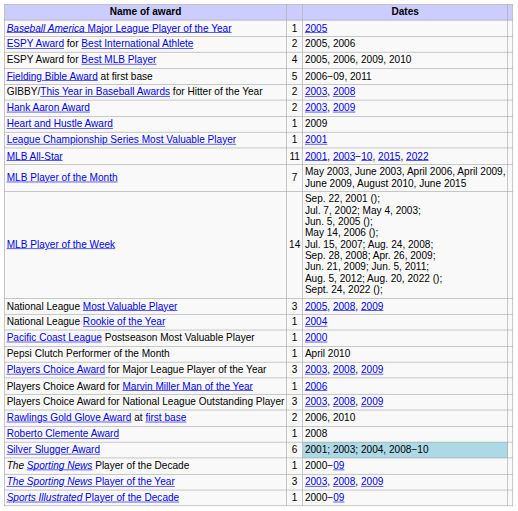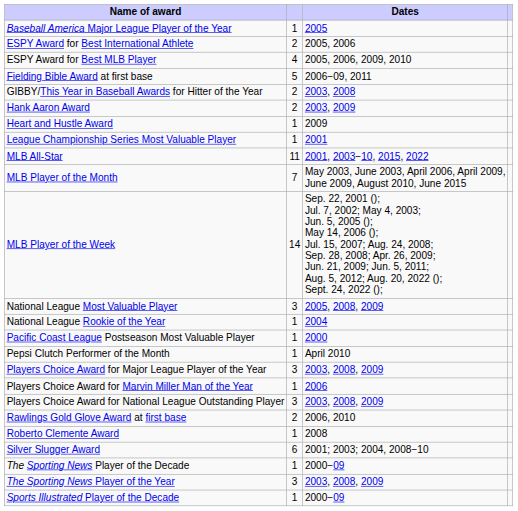 <table class="wikitable">
 <tr>
 <th style="background:#ccf;">Name of award</th>
 <th style="background:#ccf;"></th>
 <th style="background:#ccf;">Dates</th>
 <th style="background:#ccf;"></th>
 </tr>
 <tr>
 <td><a href='#'><em>Baseball America</em> Major League Player of the Year</a></td>
 <td style="text-align:center;">1</td>
 <td><a href='#'>2005</a></td>
 <td></td>
 </tr>
 <tr>
 <td><a href='#'>ESPY Award</a> for <a href='#'>Best International Athlete</a></td>
 <td style="text-align:center;">2</td>
 <td>2005, 2006</td>
 <td></td>
 </tr>
 <tr>
 <td>ESPY Award for <a href='#'>Best MLB Player</a></td>
 <td style="text-align:center;">4</td>
 <td>2005, 2006, 2009, 2010</td>
 <td></td>
 </tr>
 <tr>
 <td><a href='#'>Fielding Bible Award</a> at first base</td>
 <td style="text-align:center;">5</td>
 <td>2006−09, 2011</td>
 <td></td>
 </tr>
 <tr>
 <td>GIBBY/<a href='#'>This Year in Baseball Awards</a> for Hitter of the Year</td>
 <td style="text-align:center;">2</td>
 <td><a href='#'>2003</a>, <a href='#'>2008</a></td>
 <td></td>
 </tr>
 <tr>
 <td><a href='#'>Hank Aaron Award</a></td>
 <td style="text-align:center;">2</td>
 <td><a href='#'>2003</a>, <a href='#'>2009</a></td>
 <td></td>
 </tr>
 <tr>
 <td><a href='#'>Heart and Hustle Award</a></td>
 <td style="text-align:center;">1</td>
 <td>2009</td>
 <td></td>
 </tr>
 <tr>
 <td><a href='#'>League Championship Series Most Valuable Player</a></td>
 <td style="text-align:center;">1</td>
 <td><a href='#'>2001</a></td>
 <td></td>
 </tr>
 <tr>
 <td><a href='#'>MLB All-Star</a></td>
 <td style="text-align:center;">11</td>
 <td><a href='#'>2001</a>, <a href='#'>2003</a>−<a href='#'>10</a>, <a href='#'>2015</a>, <a href='#'>2022</a></td>
 <td><br></td>
 </tr>
 <tr>
 <td><a href='#'>MLB Player of the Month</a></td>
 <td style="text-align:center;">7</td>
 <td>May 2003, June 2003, April 2006, April 2009,<br> June 2009, August 2010, June 2015</td>
 <td><br></td>
 </tr>
 <tr>
 <td><a href='#'>MLB Player of the Week</a></td>
 <td style="text-align:center;">14</td>
 <td>Sep. 22, 2001 ();<br> Jul. 7, 2002; May 4, 2003;<br>Jun. 5, 2005 ();<br> May 14, 2006 ();<br> Jul. 15, 2007; Aug. 24, 2008;<br> Sep. 28, 2008; Apr. 26, 2009;<br> Jun. 21, 2009; Jun. 5, 2011;<br> Aug. 5, 2012; Aug. 20, 2022 ();<br> Sept. 24, 2022 ();<br></td>
 <td><br><br></td>
 </tr>
 <tr>
 <td>National League <a href='#'>Most Valuable Player</a></td>
 <td style="text-align:center;">3</td>
 <td><a href='#'>2005</a>, <a href='#'>2008</a>, <a href='#'>2009</a></td>
 <td></td>
 </tr>
 <tr>
 <td>National League <a href='#'>Rookie of the Year</a></td>
 <td style="text-align:center;">1</td>
 <td><a href='#'>2004</a></td>
 <td></td>
 </tr>
 <tr>
 <td><a href='#'>Pacific Coast League</a> Postseason Most Valuable Player</td>
 <td style="text-align:center;">1</td>
 <td><a href='#'>2000</a></td>
 <td></td>
 </tr>
 <tr>
 <td>Pepsi Clutch Performer of the Month</td>
 <td style="text-align:center;">1</td>
 <td>April 2010</td>
 <td></td>
 </tr>
 <tr>
 <td><a href='#'>Players Choice Award</a> for Major League Player of the Year</td>
 <td style="text-align:center;">3</td>
 <td><a href='#'>2003</a>, <a href='#'>2008</a>, <a href='#'>2009</a></td>
 <td></td>
 </tr>
 <tr>
 <td>Players Choice Award for <a href='#'>Marvin Miller Man of the Year</a></td>
 <td style="text-align:center;">1</td>
 <td><a href='#'>2006</a></td>
 <td></td>
 </tr>
 <tr>
 <td>Players Choice Award for National League Outstanding Player</td>
 <td style="text-align:center;">3</td>
 <td><a href='#'>2003</a>, <a href='#'>2008</a>, <a href='#'>2009</a></td>
 <td></td>
 </tr>
 <tr>
 <td><a href='#'>Rawlings Gold Glove Award</a> at <a href='#'>first base</a></td>
 <td style="text-align:center;">2</td>
 <td>2006, 2010</td>
 <td></td>
 </tr>
 <tr>
 <td><a href='#'>Roberto Clemente Award</a></td>
 <td style="text-align:center;">1</td>
 <td>2008</td>
 <td></td>
 </tr>
 <tr>
 <td><a href='#'>Silver Slugger Award</a></td>
 <td style="text-align:center;">6</td>
-<td style="background: lightblue;"> 2001;  2003;  2004, 2008−10</td>
+<td> 2001;  2003;  2004, 2008−10</td>
 <td></td>
 </tr>
 <tr>
 <td><em>The <a href='#'>Sporting News</a></em> Player of the Decade</td>
 <td style="text-align:center;">1</td>
 <td>2000−<a href='#'>09</a></td>
 <td></td>
 </tr>
 <tr>
 <td><a href='#'><em>The Sporting News</em> Player of the Year</a></td>
 <td style="text-align:center;">3</td>
 <td><a href='#'>2003</a>, <a href='#'>2008</a>, <a href='#'>2009</a></td>
 <td></td>
 </tr>
 <tr>
 <td><a href='#'><em>Sports Illustrated</em> Player of the Decade</a></td>
 <td style="text-align:center;">1</td>
 <td>2000−<a href='#'>09</a></td>
 <td></td>
 </tr>
 </table>
